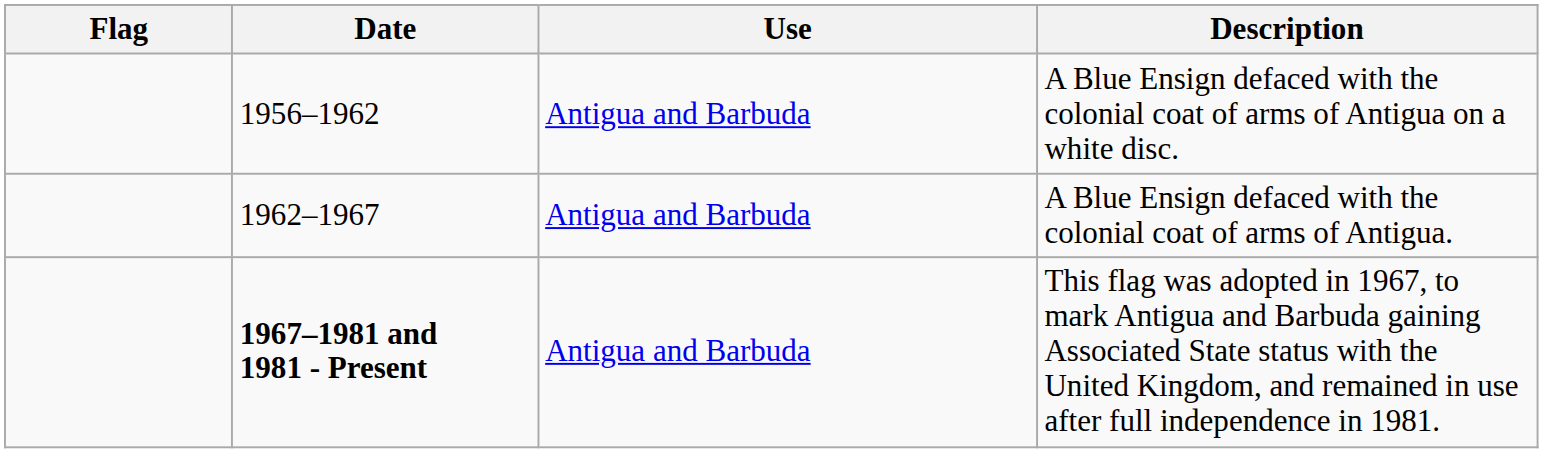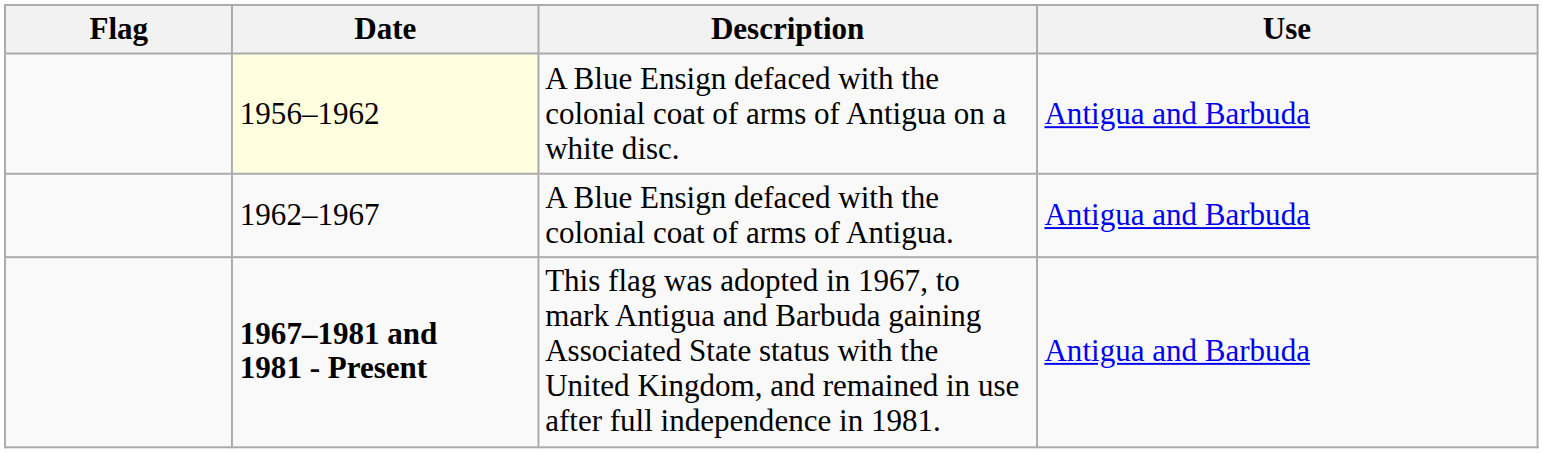 <table class="wikitable">
 <tr style="background:#efefef;">
 <th style="width:110px;">Flag</th>
 <th style="width:150px;">Date</th>
+<th style="width:250px;">Description</th>
 <th style="width:250px;">Use</th>
-<th style="width:250px;">Description</th>
 </tr>
 <tr>
 <td></td>
-<td>1956–1962</td>
+<td style="background: lightyellow;">1956–1962</td>
+<td>A Blue Ensign defaced with the colonial coat of arms of Antigua on a white disc.</td>
 <td><a href='#'>Antigua and Barbuda</a></td>
-<td>A Blue Ensign defaced with the colonial coat of arms of Antigua on a white disc.</td>
 </tr>
 <tr>
 <td></td>
 <td>1962–1967</td>
+<td>A Blue Ensign defaced with the colonial coat of arms of Antigua.</td>
 <td><a href='#'>Antigua and Barbuda</a></td>
-<td>A Blue Ensign defaced with the colonial coat of arms of Antigua.</td>
 </tr>
 <tr>
 <td></td>
 <td><strong>1967–1981 and<br>1981 - Present</strong></td>
+<td>This flag was adopted in 1967, to mark Antigua and Barbuda gaining Associated State status with the United Kingdom, and remained in use after full independence in 1981.</td>
 <td><a href='#'>Antigua and Barbuda</a></td>
-<td>This flag was adopted in 1967, to mark Antigua and Barbuda gaining Associated State status with the United Kingdom, and remained in use after full independence in 1981.</td>
 </tr>
 </table>
